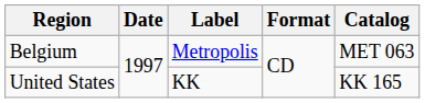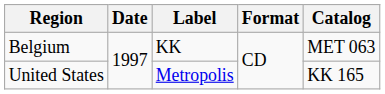 <table class="wikitable">
 <tr>
 <th>Region</th>
 <th>Date</th>
 <th>Label</th>
 <th>Format</th>
 <th>Catalog</th>
 </tr>
 <tr>
 <td>Belgium</td>
 <td rowspan="2">1997</td>
-<td><a href='#'>Metropolis</a></td>
+<td>KK</td>
 <td rowspan="2">CD</td>
 <td>MET 063</td>
 </tr>
 <tr>
 <td>United States</td>
-<td>KK</td>
+<td><a href='#'>Metropolis</a></td>
 <td>KK 165</td>
 </tr>
 </table>
